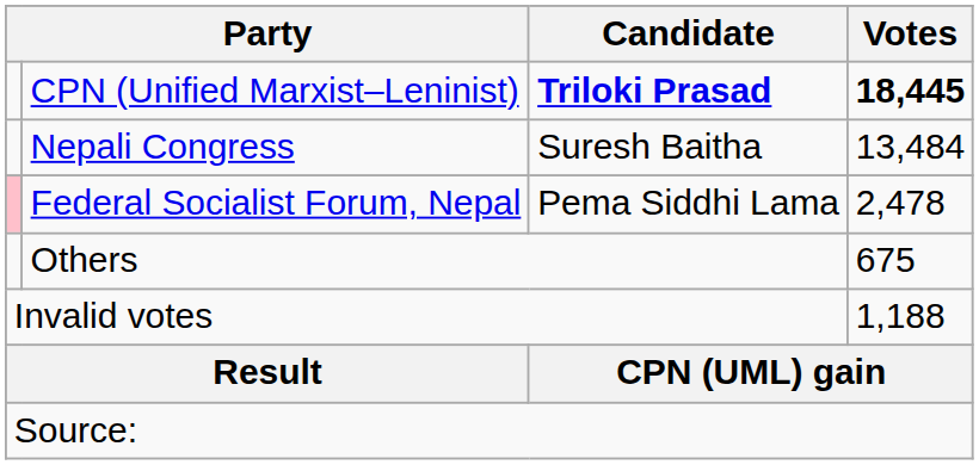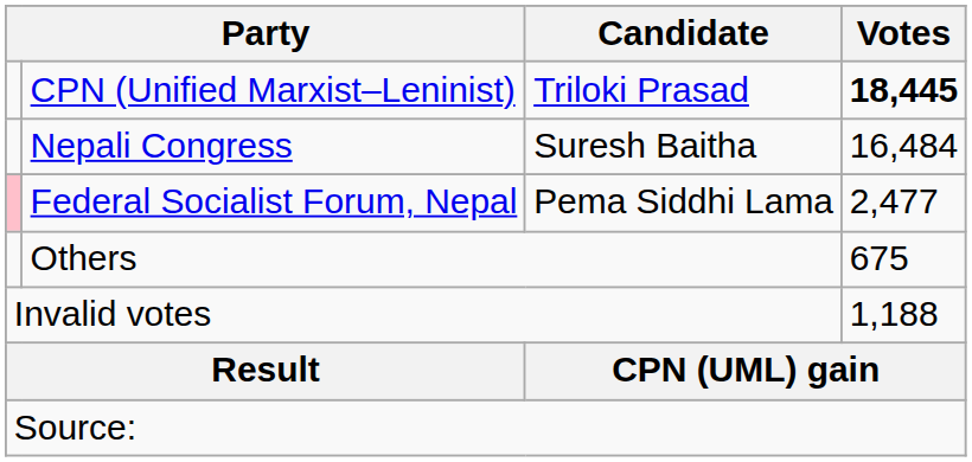 <table class="wikitable">
 <tr>
 <th colspan="2">Party</th>
 <th>Candidate</th>
 <th>Votes</th>
 </tr>
 <tr>
 <td style="background-color:"></td>
 <td><a href='#'>CPN (Unified Marxist–Leninist)</a></td>
-<td><strong><a href='#'>Triloki Prasad</a></strong></td>
+<td><a href='#'>Triloki Prasad</a></td>
 <td><strong>18,445</strong></td>
 </tr>
 <tr>
 <td style="background-color:"></td>
 <td><a href='#'>Nepali Congress</a></td>
 <td>Suresh Baitha</td>
-<td>13,484</td>
+<td>16,484</td>
 </tr>
 <tr>
 <td style="background-color:#ffc0cb"></td>
 <td><a href='#'>Federal Socialist Forum, Nepal</a></td>
 <td>Pema Siddhi Lama</td>
-<td>2,478</td>
+<td>2,477</td>
 </tr>
 <tr>
 <td></td>
 <td colspan="2">Others</td>
 <td>675</td>
 </tr>
 <tr>
 <td colspan="3">Invalid votes</td>
 <td>1,188</td>
 </tr>
 <tr>
 <th colspan="2">Result</th>
 <th colspan="2">CPN (UML) gain</th>
 </tr>
 <tr>
 <td colspan="4">Source: </td>
 </tr>
 </table>
